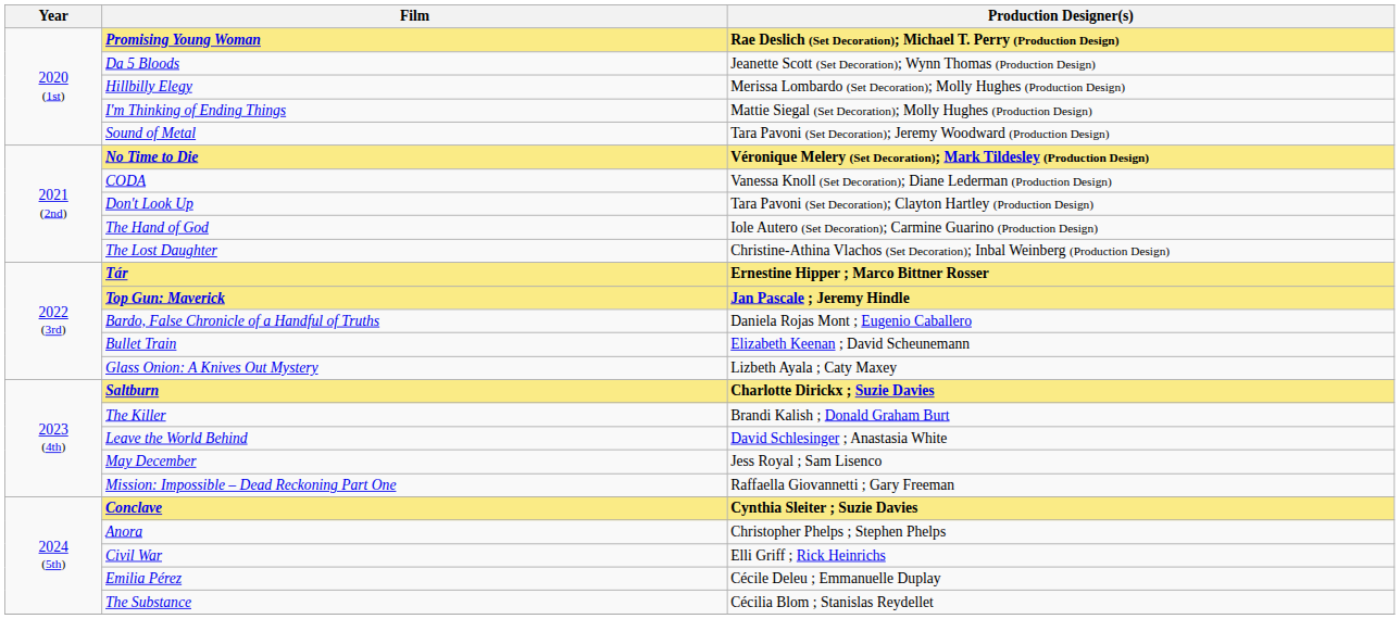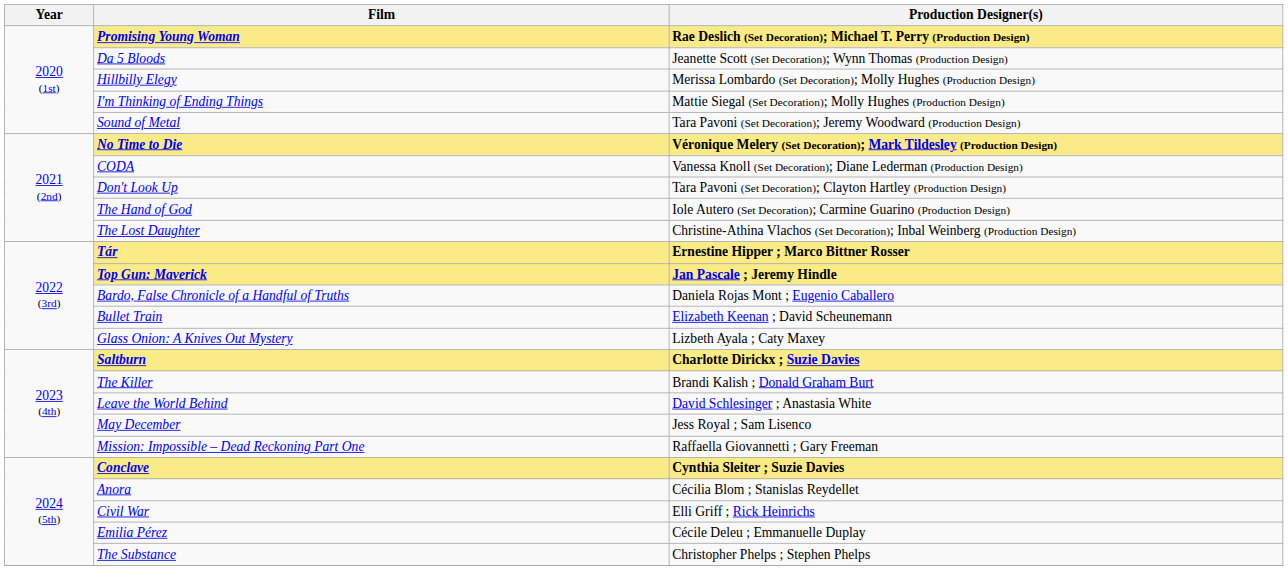 <table class="wikitable" width="95%" cellpadding="5">
 <tr>
 <th width="7%">Year</th>
 <th width="45%">Film</th>
 <th width="50%">Production Designer(s)</th>
 </tr>
 <tr>
 <td rowspan="5" style="text-align:center;"><a href='#'>2020</a><br><small>(<a href='#'>1st</a>)</small><br></td>
 <td style="background:#FAEB86;"><strong><em><a href='#'>Promising Young Woman</a></em></strong></td>
 <td style="background:#FAEB86;"><strong>Rae Deslich <small>(Set Decoration)</small>; Michael T. Perry <small>(Production Design)</small></strong></td>
 </tr>
 <tr>
 <td><em><a href='#'>Da 5 Bloods</a></em></td>
 <td>Jeanette Scott <small>(Set Decoration)</small>; Wynn Thomas <small>(Production Design)</small></td>
 </tr>
 <tr>
 <td><em><a href='#'>Hillbilly Elegy</a></em></td>
 <td>Merissa Lombardo <small>(Set Decoration)</small>; Molly Hughes <small>(Production Design)</small></td>
 </tr>
 <tr>
 <td><em><a href='#'>I'm Thinking of Ending Things</a></em></td>
 <td>Mattie Siegal <small>(Set Decoration)</small>; Molly Hughes <small>(Production Design)</small></td>
 </tr>
 <tr>
 <td><em><a href='#'>Sound of Metal</a></em></td>
 <td>Tara Pavoni <small>(Set Decoration)</small>; Jeremy Woodward <small>(Production Design)</small></td>
 </tr>
 <tr>
 <td rowspan="5" style="text-align:center;"><a href='#'>2021</a><br><small>(<a href='#'>2nd</a>)</small><br></td>
 <td style="background:#FAEB86;"><strong><em><a href='#'>No Time to Die</a></em></strong></td>
 <td style="background:#FAEB86;"><strong>Véronique Melery <small>(Set Decoration)</small>; <a href='#'>Mark Tildesley</a> <small>(Production Design)</small></strong></td>
 </tr>
 <tr>
 <td><em><a href='#'>CODA</a></em></td>
 <td>Vanessa Knoll <small>(Set Decoration)</small>; Diane Lederman <small>(Production Design)</small></td>
 </tr>
 <tr>
 <td><em><a href='#'>Don't Look Up</a></em></td>
 <td>Tara Pavoni <small>(Set Decoration)</small>;  Clayton Hartley <small>(Production Design)</small></td>
 </tr>
 <tr>
 <td><em><a href='#'>The Hand of God</a></em></td>
 <td>Iole Autero <small>(Set Decoration)</small>; Carmine Guarino <small>(Production Design)</small></td>
 </tr>
 <tr>
 <td><em><a href='#'>The Lost Daughter</a></em></td>
 <td>Christine-Athina Vlachos <small>(Set Decoration)</small>; Inbal Weinberg <small>(Production Design)</small></td>
 </tr>
 <tr>
 <td rowspan="5" style="text-align:center;"><a href='#'>2022</a><br><small>(<a href='#'>3rd</a>)</small><br></td>
 <td style="background:#FAEB86;"><strong><em><a href='#'>Tár</a></em></strong></td>
 <td style="background:#FAEB86;"><strong>Ernestine Hipper ; Marco Bittner Rosser </strong></td>
 </tr>
 <tr>
 <td style="background:#FAEB86;"><strong><em><a href='#'>Top Gun: Maverick</a></em></strong></td>
 <td style="background:#FAEB86;"><strong><a href='#'>Jan Pascale</a> ; Jeremy Hindle </strong></td>
 </tr>
 <tr>
 <td><em><a href='#'>Bardo, False Chronicle of a Handful of Truths</a></em></td>
 <td>Daniela Rojas Mont ; <a href='#'>Eugenio Caballero</a> </td>
 </tr>
 <tr>
 <td><em><a href='#'>Bullet Train</a></em></td>
 <td><a href='#'>Elizabeth Keenan</a> ; David Scheunemann </td>
 </tr>
 <tr>
 <td><em><a href='#'>Glass Onion: A Knives Out Mystery</a></em></td>
 <td>Lizbeth Ayala ; Caty Maxey </td>
 </tr>
 <tr>
 <td rowspan="5" style="text-align:center;"><a href='#'>2023</a><br><small>(<a href='#'>4th</a>)</small><br></td>
 <td style="background:#FAEB86;"><strong><em><a href='#'>Saltburn</a></em></strong></td>
 <td style="background:#FAEB86;"><strong>Charlotte Dirickx ; <a href='#'>Suzie Davies</a> </strong></td>
 </tr>
 <tr>
 <td><em><a href='#'>The Killer</a></em></td>
 <td>Brandi Kalish ; <a href='#'>Donald Graham Burt</a> </td>
 </tr>
 <tr>
 <td><em><a href='#'>Leave the World Behind</a></em></td>
 <td><a href='#'>David Schlesinger</a> ; Anastasia White </td>
 </tr>
 <tr>
 <td><em><a href='#'>May December</a></em></td>
 <td>Jess Royal ; Sam Lisenco </td>
 </tr>
 <tr>
 <td><em><a href='#'>Mission: Impossible – Dead Reckoning Part One</a></em></td>
 <td>Raffaella Giovannetti ; Gary Freeman </td>
 </tr>
 <tr>
 <td rowspan="5" style="text-align:center;"><a href='#'>2024</a><br><small>(<a href='#'>5th</a>)</small><br></td>
 <td style="background:#FAEB86;"><strong><em><a href='#'>Conclave</a></em></strong></td>
 <td style="background:#FAEB86;"><strong>Cynthia Sleiter ; Suzie Davies </strong></td>
 </tr>
 <tr>
 <td><em><a href='#'>Anora</a></em></td>
-<td>Christopher Phelps ; Stephen Phelps </td>
+<td>Cécilia Blom ; Stanislas Reydellet </td>
 </tr>
 <tr>
 <td><em><a href='#'>Civil War</a></em></td>
 <td>Elli Griff ; <a href='#'>Rick Heinrichs</a> </td>
 </tr>
 <tr>
 <td><em><a href='#'>Emilia Pérez</a></em></td>
 <td>Cécile Deleu ; Emmanuelle Duplay </td>
 </tr>
 <tr>
 <td><em><a href='#'>The Substance</a></em></td>
-<td>Cécilia Blom ; Stanislas Reydellet </td>
+<td>Christopher Phelps ; Stephen Phelps </td>
 </tr>
 <tr>
 </tr>
 </table>
